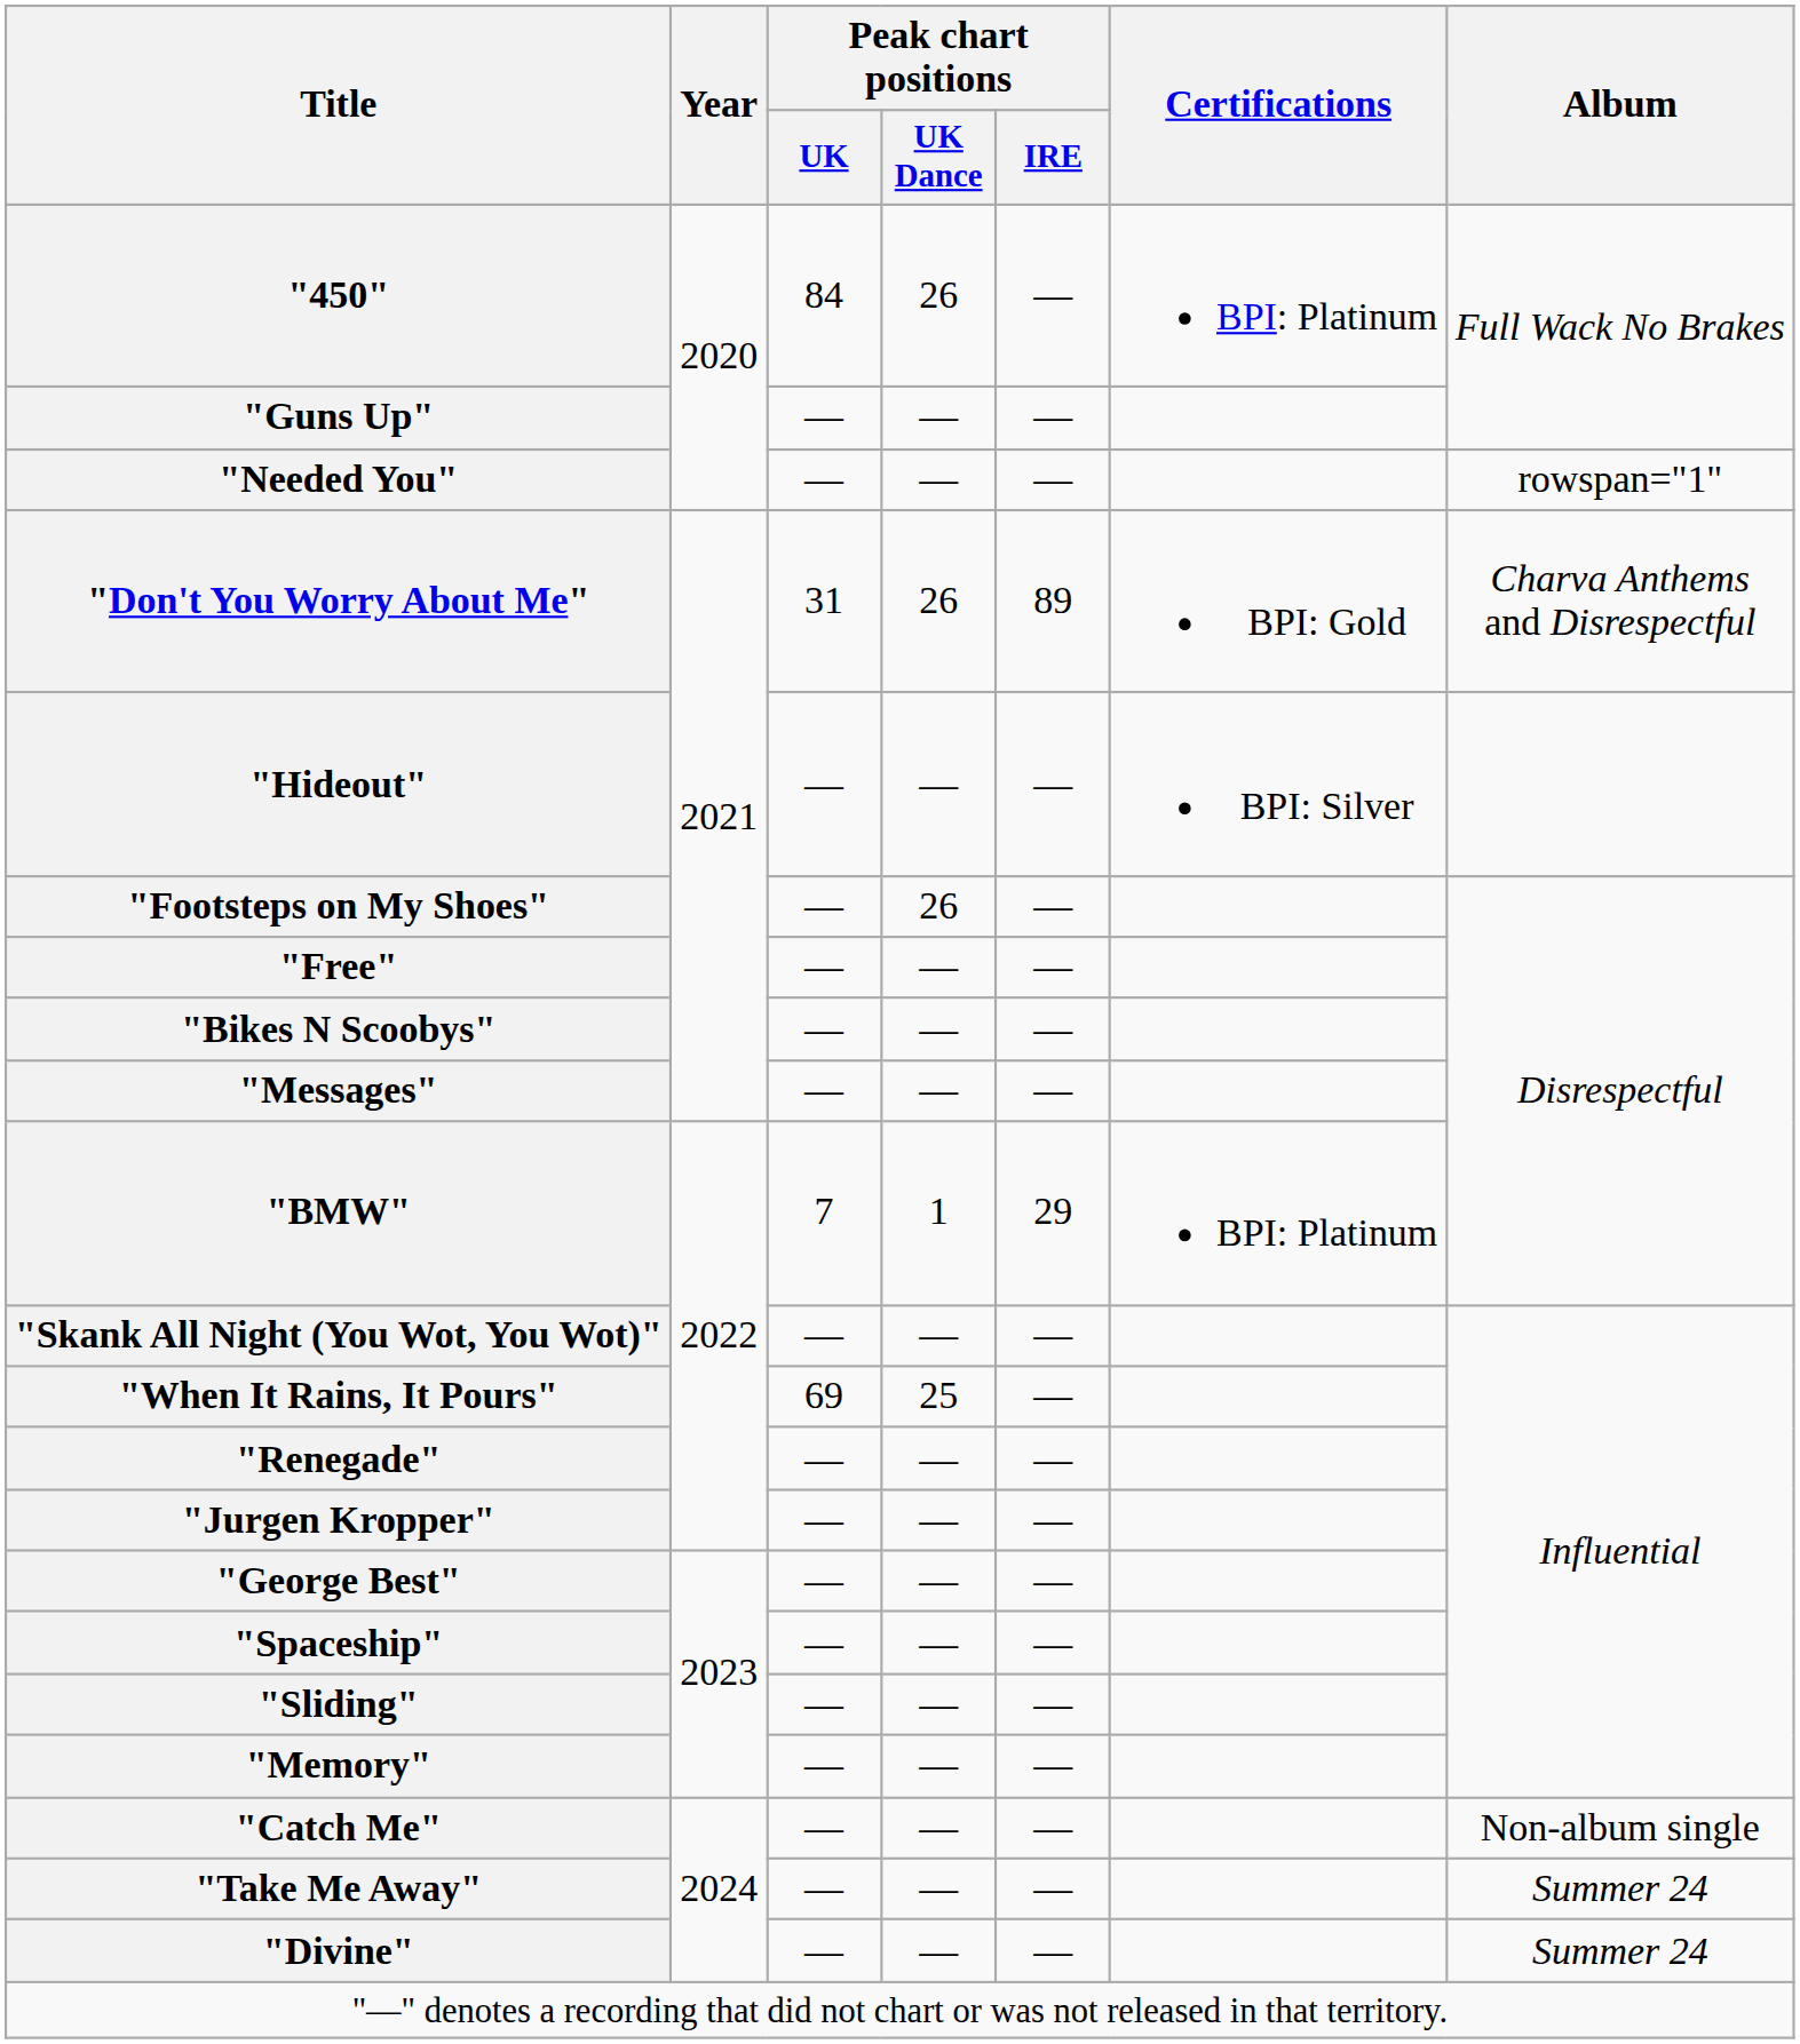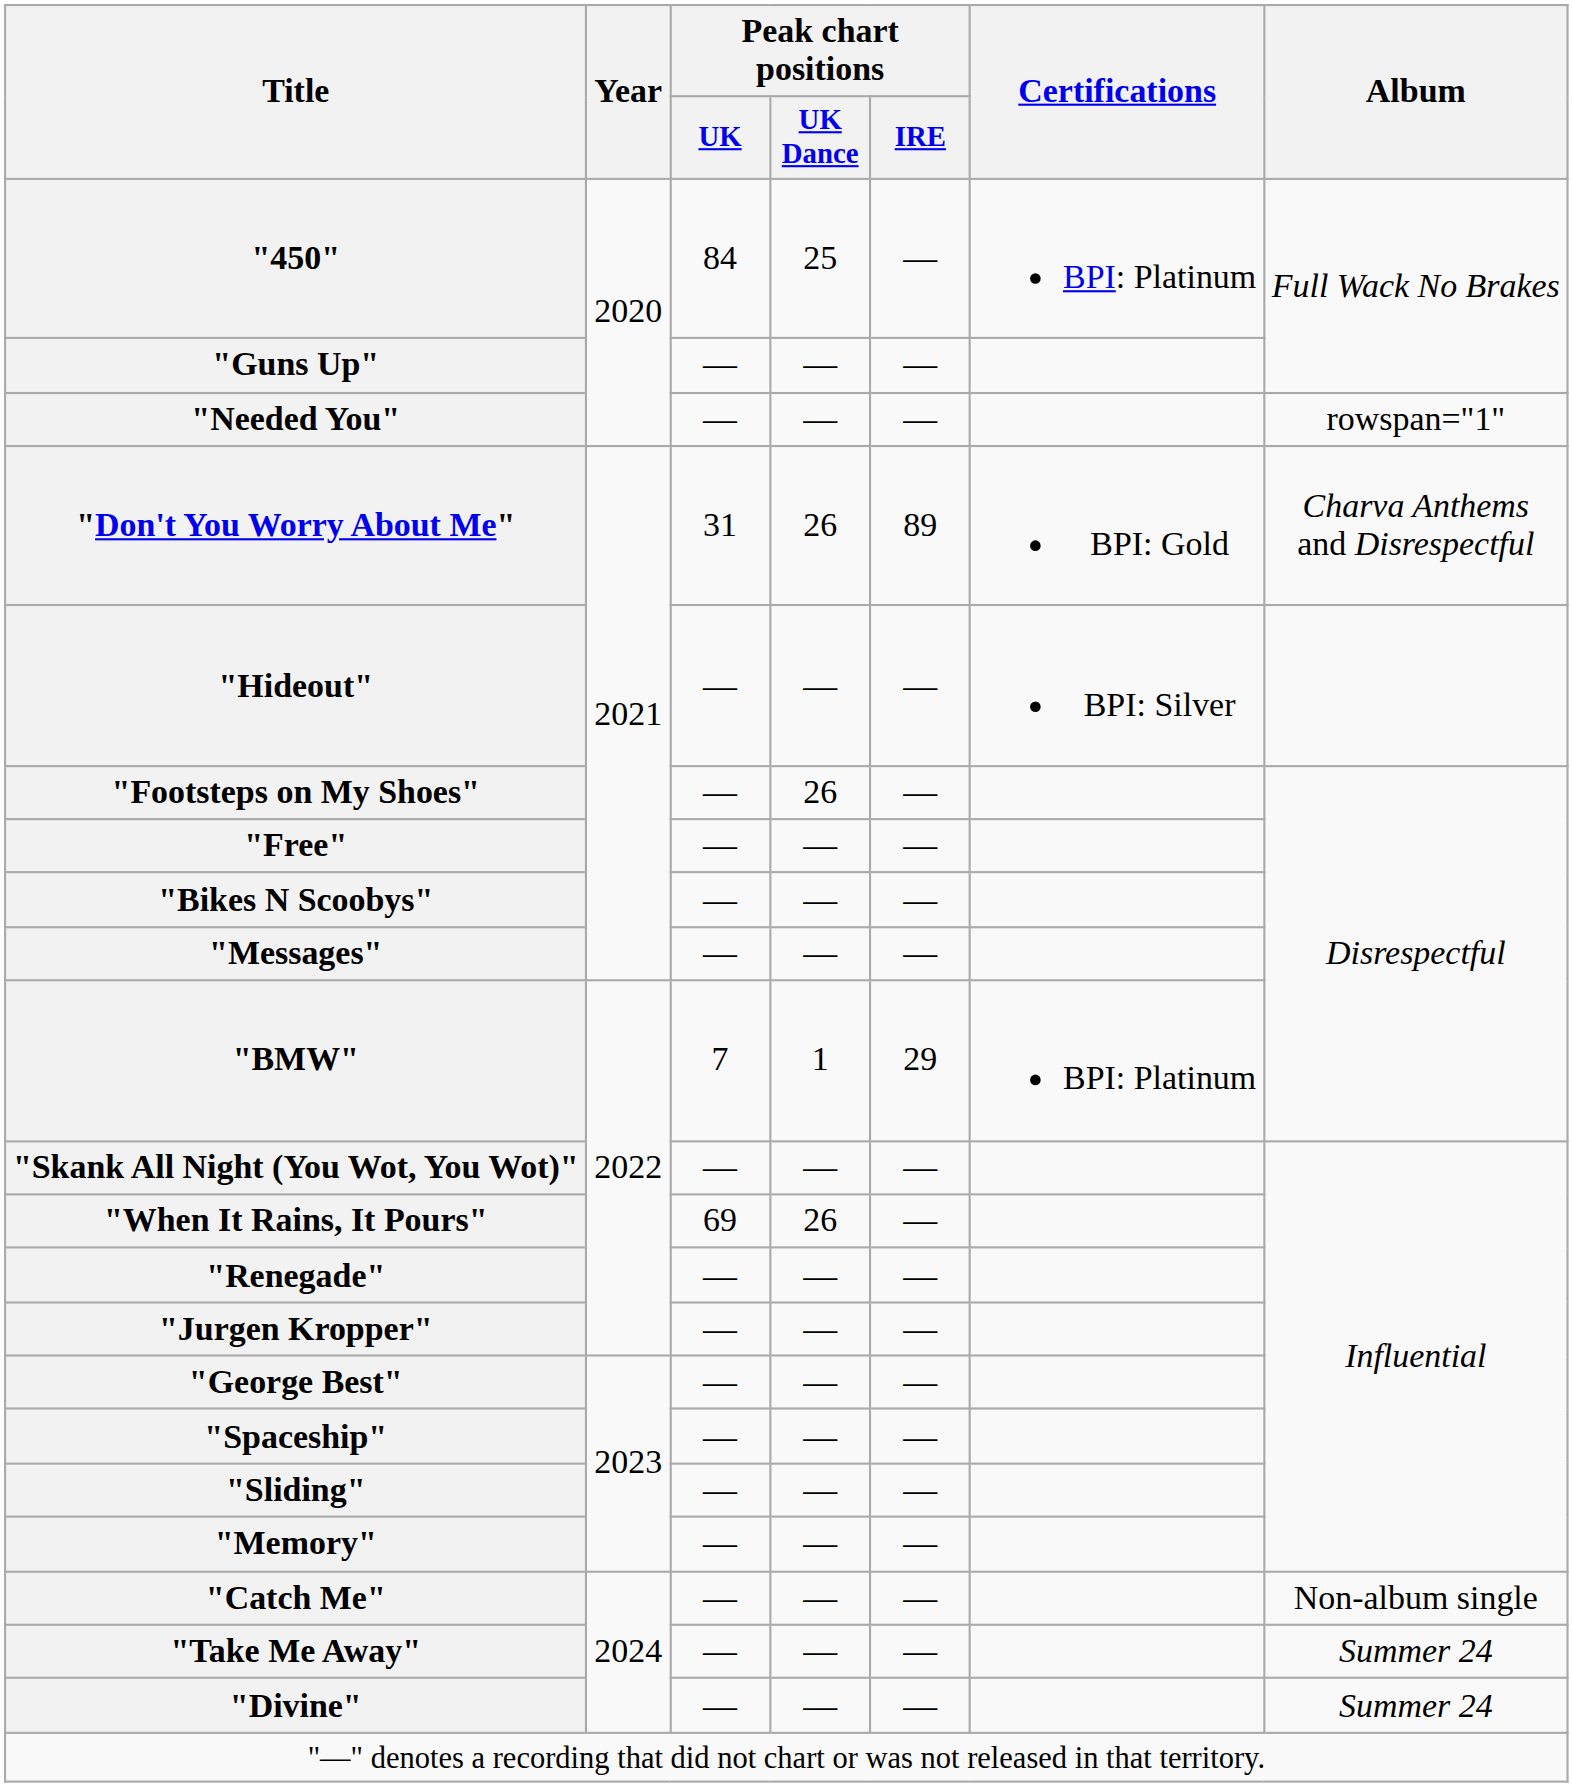 <table class="wikitable plainrowheaders" style="text-align:center;">
 <tr>
 <th scope="col" rowspan="2">Title</th>
 <th scope="col" rowspan="2">Year</th>
 <th scope="col" colspan="3">Peak chart positions</th>
 <th scope="col" rowspan="2"><a href='#'>Certifications</a></th>
 <th scope="col" rowspan="2">Album</th>
 </tr>
 <tr>
 <th scope="col" style="width:3em;font-size:85%;"><a href='#'>UK</a><br></th>
 <th scope="col" style="width:3em;font-size:85%;"><a href='#'>UK<br>Dance</a><br></th>
 <th scope="col" style="width:3em;font-size:85%;"><a href='#'>IRE</a><br></th>
 </tr>
 <tr>
 <th scope="row">"450"<br></th>
 <td rowspan="3">2020</td>
 <td>84</td>
-<td>26</td>
+<td>25</td>
 <td>—</td>
 <td><br><ul><li><a href='#'>BPI</a>: Platinum</li></ul></td>
 <td rowspan="2"><em>Full Wack No Brakes</em></td>
 </tr>
 <tr>
 <th scope="row">"Guns Up"</th>
 <td>—</td>
 <td>—</td>
 <td>—</td>
 <td></td>
 </tr>
 <tr>
 <th scope="row">"Needed You"</th>
 <td>—</td>
 <td>—</td>
 <td>—</td>
 <td></td>
 <td>rowspan="1" </td>
 </tr>
 <tr>
 <th scope="row">"<a href='#'>Don't You Worry About Me</a>"</th>
 <td rowspan="6">2021</td>
 <td>31</td>
 <td>26</td>
 <td>89</td>
 <td><br><ul><li>BPI: Gold</li></ul></td>
 <td><em>Charva Anthems</em> <br> and <em>Disrespectful</em></td>
 </tr>
 <tr>
 <th scope="row">"Hideout"<br></th>
 <td>—</td>
 <td>—</td>
 <td>—</td>
 <td><br><ul><li>BPI: Silver</li></ul></td>
 <td></td>
 </tr>
 <tr>
 <th scope="row">"Footsteps on My Shoes"<br></th>
 <td>—</td>
 <td>26</td>
 <td>—</td>
 <td></td>
 <td rowspan="5"><em>Disrespectful</em></td>
 </tr>
 <tr>
 <th scope="row">"Free"<br></th>
 <td>—</td>
 <td>—</td>
 <td>—</td>
 <td></td>
 </tr>
 <tr>
 <th scope="row">"Bikes N Scoobys"</th>
 <td>—</td>
 <td>—</td>
 <td>—</td>
 <td></td>
 </tr>
 <tr>
 <th scope="row">"Messages"</th>
 <td>—</td>
 <td>—</td>
 <td>—</td>
 <td></td>
 </tr>
 <tr>
 <th scope="row">"BMW"</th>
 <td rowspan="5">2022</td>
 <td>7</td>
 <td>1</td>
 <td>29<br></td>
 <td><br><ul><li>BPI: Platinum</li></ul></td>
 </tr>
 <tr>
 <th scope="row">"Skank All Night (You Wot, You Wot)"<br></th>
 <td>—</td>
 <td>—</td>
 <td>—</td>
 <td></td>
 <td rowspan="8"><em>Influential</em></td>
 </tr>
 <tr>
 <th scope="row">"When It Rains, It Pours"</th>
 <td>69</td>
-<td>25</td>
+<td>26</td>
 <td>—</td>
 <td></td>
 </tr>
 <tr>
 <th scope="row">"Renegade"</th>
 <td>—</td>
 <td>—</td>
 <td>—</td>
 <td></td>
 </tr>
 <tr>
 <th scope="row">"Jurgen Kropper"<br></th>
 <td>—</td>
 <td>—</td>
 <td>—</td>
 <td></td>
 </tr>
 <tr>
 <th scope="row">"George Best"<br></th>
 <td rowspan="4">2023</td>
 <td>—</td>
 <td>—</td>
 <td>—</td>
 <td></td>
 </tr>
 <tr>
 <th scope="row">"Spaceship"</th>
 <td>—</td>
 <td>—</td>
 <td>—</td>
 <td></td>
 </tr>
 <tr>
 <th scope="row">"Sliding"<br></th>
 <td>—</td>
 <td>—</td>
 <td>—</td>
 <td></td>
 </tr>
 <tr>
 <th scope="row">"Memory"</th>
 <td>—</td>
 <td>—</td>
 <td>—</td>
 <td></td>
 </tr>
 <tr>
 <th scope="row">"Catch Me"<br></th>
 <td rowspan="3">2024</td>
 <td>—</td>
 <td>—</td>
 <td>—</td>
 <td></td>
 <td>Non-album single</td>
 </tr>
 <tr>
 <th scope="row">"Take Me Away"<br></th>
 <td>—</td>
 <td>—</td>
 <td>—</td>
 <td></td>
 <td><em>Summer 24</em></td>
 </tr>
 <tr>
 <th scope="row">"Divine"</th>
 <td>—</td>
 <td>—</td>
 <td>—</td>
 <td></td>
 <td><em>Summer 24</em></td>
 </tr>
 <tr>
 <td colspan="16" style="font-size:90%">"—" denotes a recording that did not chart or was not released in that territory.</td>
 </tr>
 </table>
